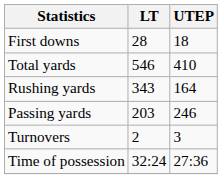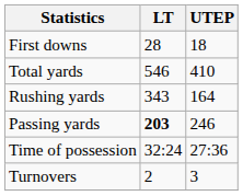 <table class="wikitable">
 <tr>
 <th>Statistics</th>
 <th>LT</th>
 <th>UTEP</th>
 </tr>
 <tr>
 <td>First downs</td>
 <td>28</td>
 <td>18</td>
 </tr>
 <tr>
 <td>Total yards</td>
 <td>546</td>
 <td>410</td>
 </tr>
 <tr>
 <td>Rushing yards</td>
 <td>343</td>
 <td>164</td>
 </tr>
 <tr>
 <td>Passing yards</td>
-<td>203</td>
+<td><strong>203</strong></td>
 <td>246</td>
+</tr>
+<tr>
+<td>Time of possession</td>
+<td>32:24</td>
+<td>27:36</td>
 </tr>
 <tr>
 <td>Turnovers</td>
 <td>2</td>
 <td>3</td>
 </tr>
 <tr>
-<td>Time of possession</td>
-<td>32:24</td>
-<td>27:36</td>
-</tr>
-<tr>
 </tr>
 </table>
